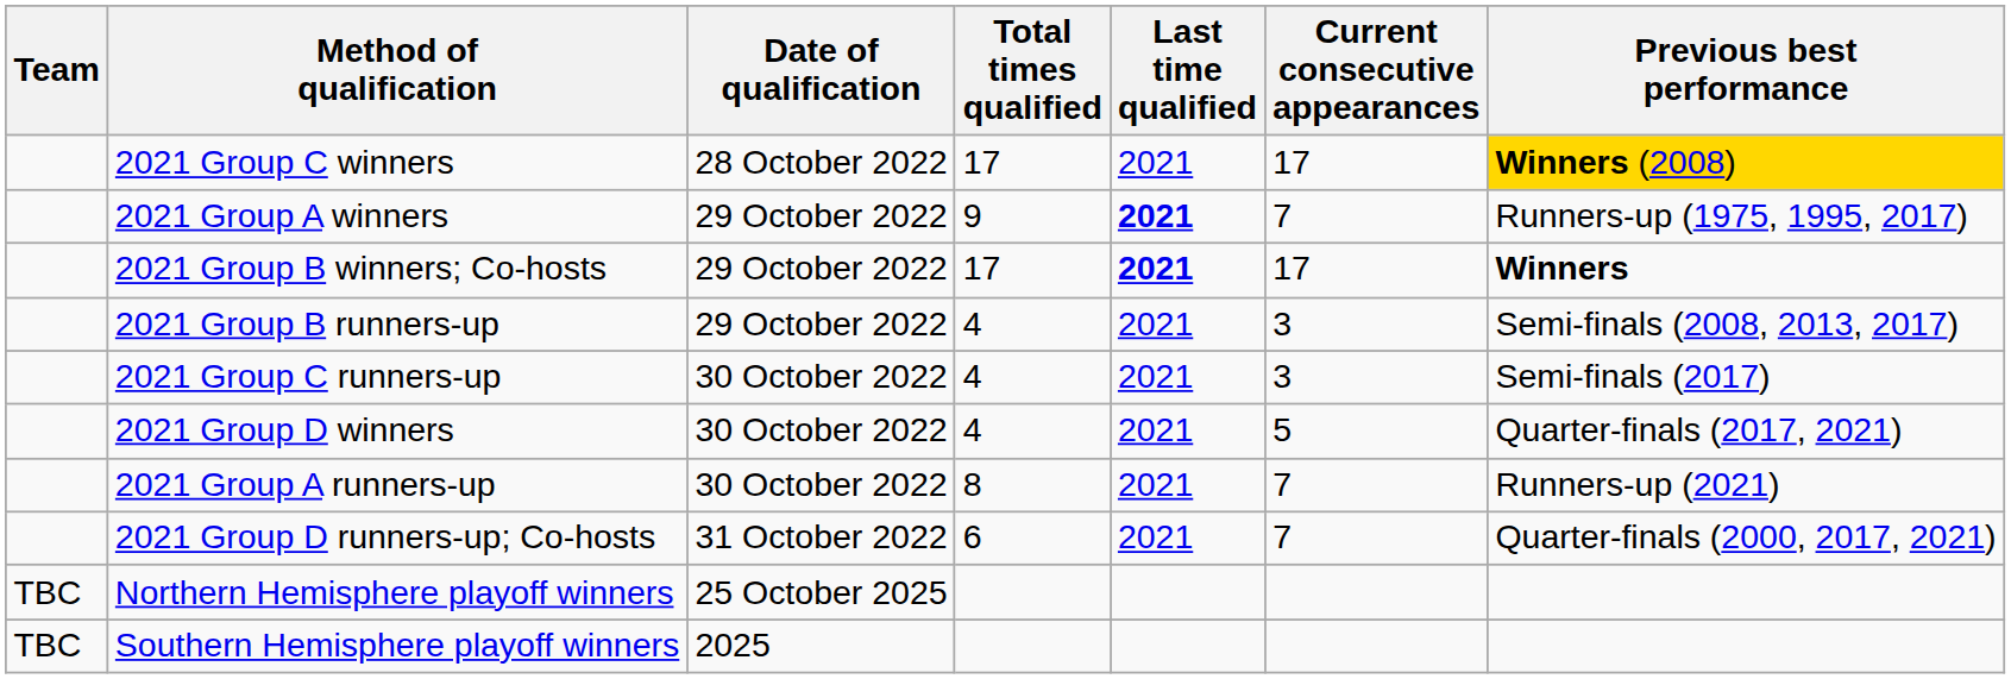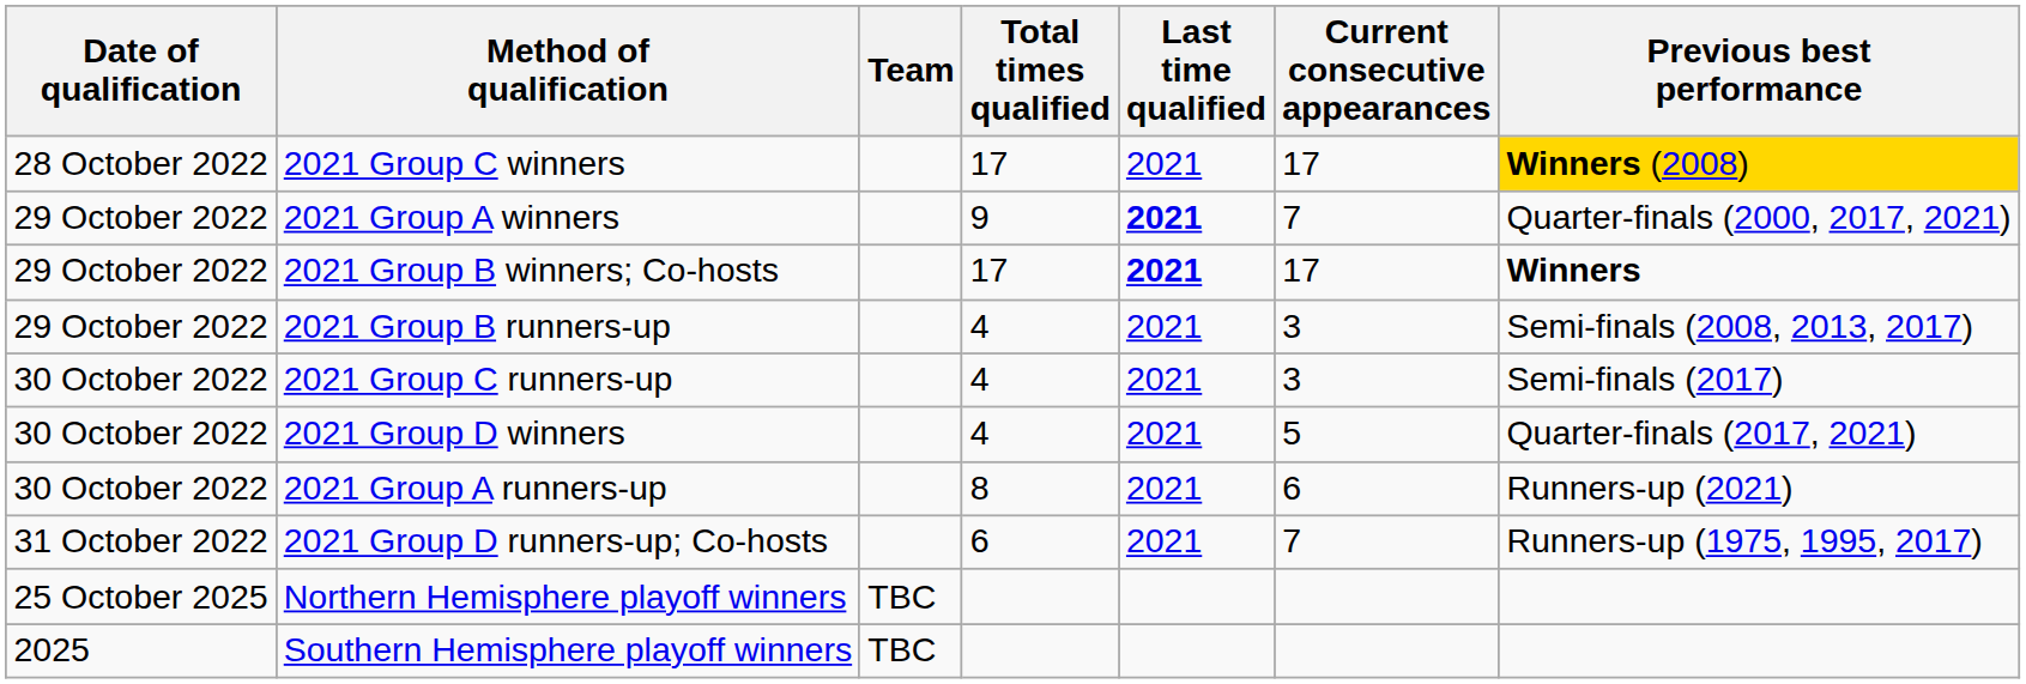 <table class="wikitable sortable">
 <tr>
+<th data-sort-type="date">Date of<br>qualification</th>
+<th data-sort-type="text">Method of<br>qualification</th>
 <th>Team</th>
-<th data-sort-type="text">Method of<br>qualification</th>
-<th data-sort-type="date">Date of<br>qualification</th>
 <th>Total<br>times<br>qualified</th>
 <th>Last<br>time<br>qualified</th>
 <th>Current<br>consecutive<br>appearances</th>
 <th data-sort-type="number">Previous best<br>performance</th>
 </tr>
 <tr>
+<td>28 October 2022</td>
+<td data-sort-value="rlwc.c"><a href='#'>2021 Group C</a> winners</td>
 <td></td>
-<td data-sort-value="rlwc.c"><a href='#'>2021 Group C</a> winners</td>
-<td>28 October 2022</td>
 <td>17</td>
 <td><a href='#'>2021</a></td>
 <td>17</td>
 <td style="background: gold;"><strong>Winners</strong> (<a href='#'>2008</a>)</td>
 </tr>
 <tr>
+<td>29 October 2022</td>
+<td data-sort-value="rlwc.a"><a href='#'>2021 Group A</a> winners</td>
 <td></td>
-<td data-sort-value="rlwc.a"><a href='#'>2021 Group A</a> winners</td>
-<td>29 October 2022</td>
 <td>9</td>
 <td><strong><a href='#'>2021</a></strong></td>
 <td>7</td>
-<td>Runners-up (<a href='#'>1975</a>, <a href='#'>1995</a>, <a href='#'>2017</a>)</td>
+<td>Quarter-finals (<a href='#'>2000</a>, <a href='#'>2017</a>, <a href='#'>2021</a>)</td>
 </tr>
 <tr>
+<td>29 October 2022</td>
+<td data-sort-value="rlwc.b"><a href='#'>2021 Group B</a> winners; Co-hosts</td>
 <td></td>
-<td data-sort-value="rlwc.b"><a href='#'>2021 Group B</a> winners; Co-hosts</td>
-<td>29 October 2022</td>
 <td>17</td>
 <td><strong><a href='#'>2021</a></strong></td>
 <td>17</td>
 <td><strong>Winners</strong> </td>
 </tr>
 <tr>
+<td>29 October 2022</td>
+<td data-sort-value="rlwc.f"><a href='#'>2021 Group B</a> runners-up</td>
 <td></td>
-<td data-sort-value="rlwc.f"><a href='#'>2021 Group B</a> runners-up</td>
-<td>29 October 2022</td>
 <td>4</td>
 <td><a href='#'>2021</a></td>
 <td>3</td>
 <td>Semi-finals (<a href='#'>2008</a>, <a href='#'>2013</a>, <a href='#'>2017</a>)</td>
 </tr>
 <tr>
+<td>30 October 2022</td>
+<td data-sort-value="rlwc.g"><a href='#'>2021 Group C</a> runners-up</td>
 <td></td>
-<td data-sort-value="rlwc.g"><a href='#'>2021 Group C</a> runners-up</td>
-<td>30 October 2022</td>
 <td>4</td>
 <td><a href='#'>2021</a></td>
 <td>3</td>
 <td>Semi-finals (<a href='#'>2017</a>)</td>
 </tr>
 <tr>
+<td>30 October 2022</td>
+<td data-sort-value="rlwc.d"><a href='#'>2021 Group D</a> winners</td>
 <td></td>
-<td data-sort-value="rlwc.d"><a href='#'>2021 Group D</a> winners</td>
-<td>30 October 2022</td>
 <td>4</td>
 <td><a href='#'>2021</a></td>
 <td>5</td>
 <td>Quarter-finals (<a href='#'>2017</a>, <a href='#'>2021</a>)</td>
 </tr>
 <tr>
+<td>30 October 2022</td>
+<td data-sort-value="rlwc.e"><a href='#'>2021 Group A</a> runners-up</td>
 <td></td>
-<td data-sort-value="rlwc.e"><a href='#'>2021 Group A</a> runners-up</td>
-<td>30 October 2022</td>
 <td>8</td>
 <td><a href='#'>2021</a></td>
-<td>7</td>
+<td>6</td>
 <td>Runners-up (<a href='#'>2021</a>)</td>
 </tr>
 <tr>
+<td>31 October 2022</td>
+<td data-sort-value="rlwc.h"><a href='#'>2021 Group D</a> runners-up; Co-hosts</td>
 <td></td>
-<td data-sort-value="rlwc.h"><a href='#'>2021 Group D</a> runners-up; Co-hosts</td>
-<td>31 October 2022</td>
 <td>6</td>
 <td><a href='#'>2021</a></td>
 <td>7</td>
-<td>Quarter-finals (<a href='#'>2000</a>, <a href='#'>2017</a>, <a href='#'>2021</a>)</td>
+<td>Runners-up (<a href='#'>1975</a>, <a href='#'>1995</a>, <a href='#'>2017</a>)</td>
 </tr>
 <tr>
+<td>25 October 2025</td>
+<td><a href='#'>Northern Hemisphere playoff winners</a></td>
 <td>TBC</td>
-<td><a href='#'>Northern Hemisphere playoff winners</a></td>
-<td>25 October 2025</td>
 <td></td>
 <td></td>
 <td></td>
 <td></td>
 </tr>
 <tr>
+<td>2025</td>
+<td><a href='#'>Southern Hemisphere playoff winners</a></td>
 <td>TBC</td>
-<td><a href='#'>Southern Hemisphere playoff winners</a></td>
-<td>2025</td>
 <td></td>
 <td></td>
 <td></td>
 <td></td>
 </tr>
 </table>
